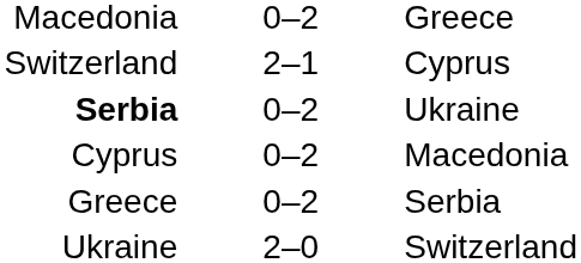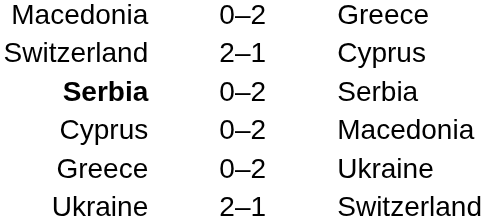 <table style="text-align:center">
 <tr>
 <th width=200></th>
 <th width=100></th>
 <th width=200></th>
 </tr>
 <tr>
 <td align=right>Macedonia</td>
 <td>0–2</td>
 <td align=left>Greece</td>
 </tr>
 <tr>
 <td align=right>Switzerland</td>
 <td>2–1</td>
 <td align=left>Cyprus</td>
 </tr>
 <tr>
 <td align=right><strong>Serbia</strong></td>
 <td>0–2</td>
-<td align=left>Ukraine</td>
+<td align=left>Serbia</td>
 </tr>
 <tr>
 <td align=right>Cyprus</td>
 <td>0–2</td>
 <td align=left>Macedonia</td>
 </tr>
 <tr>
 <td align=right>Greece</td>
 <td>0–2</td>
-<td align=left>Serbia</td>
+<td align=left>Ukraine</td>
 </tr>
 <tr>
 <td align=right>Ukraine</td>
-<td>2–0</td>
+<td>2–1</td>
 <td align=left>Switzerland</td>
 </tr>
 </table>
